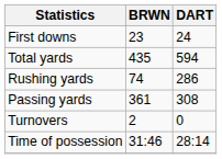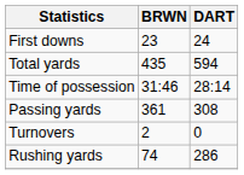 <table class="wikitable" style="float: left;">
 <tr>
 <th>Statistics</th>
 <th>BRWN</th>
 <th>DART</th>
 </tr>
 <tr>
 <td>First downs</td>
 <td>23</td>
 <td>24</td>
 </tr>
 <tr>
 <td>Total yards</td>
 <td>435</td>
 <td>594</td>
 </tr>
 <tr>
-<td>Rushing yards</td>
-<td>74</td>
-<td>286</td>
+<td>Time of possession</td>
+<td>31:46</td>
+<td>28:14</td>
 </tr>
 <tr>
 <td>Passing yards</td>
 <td>361</td>
 <td>308</td>
 </tr>
 <tr>
 <td>Turnovers</td>
 <td>2</td>
 <td>0</td>
 </tr>
 <tr>
-<td>Time of possession</td>
-<td>31:46</td>
-<td>28:14</td>
+<td>Rushing yards</td>
+<td>74</td>
+<td>286</td>
 </tr>
 <tr>
 </tr>
 </table>
